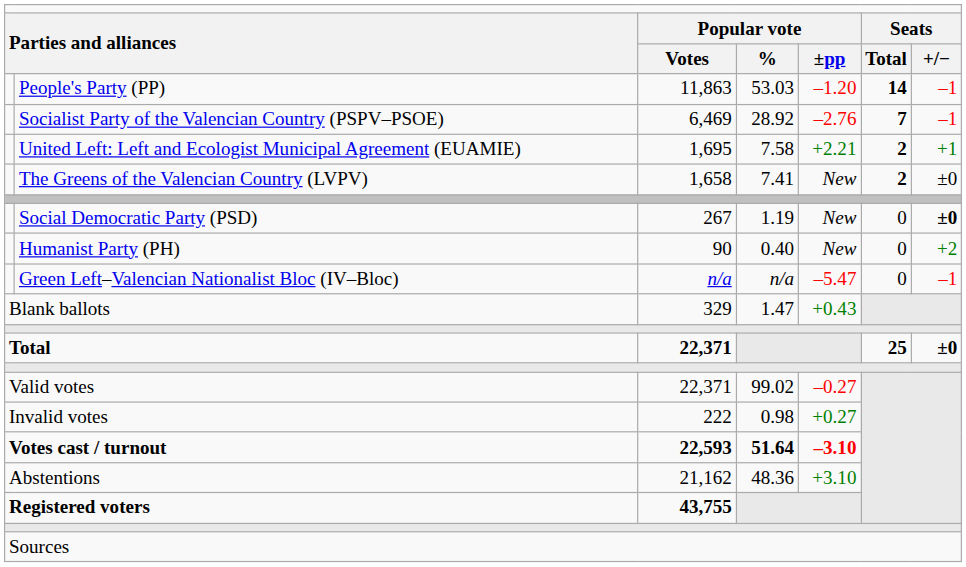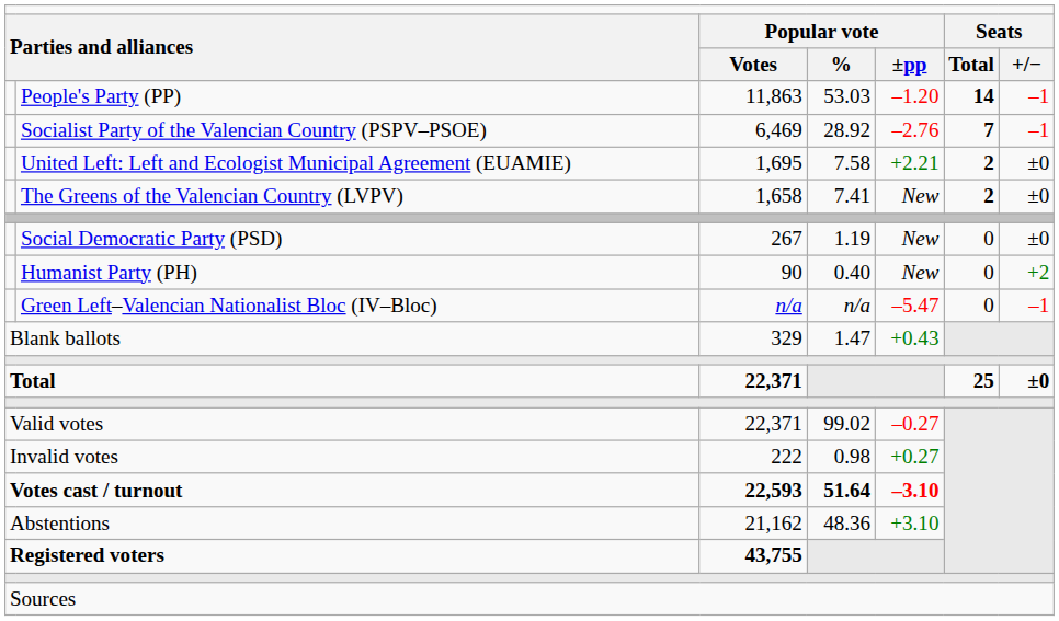 <table class="wikitable" style="text-align:right;">
 <tr>
 <td colspan="7"></td>
 </tr>
 <tr>
 <th style="text-align:left;" rowspan="2" colspan="2" width="525">Parties and alliances</th>
 <th colspan="3">Popular vote</th>
 <th colspan="2">Seats</th>
 </tr>
 <tr>
 <th width="75">Votes</th>
 <th width="45">%</th>
 <th width="45">±<a href='#'>pp</a></th>
 <th width="35">Total</th>
 <th width="35">+/−</th>
 </tr>
 <tr>
 <td width="1" style="color:inherit;background:"></td>
 <td align="left"><a href='#'>People's Party</a> (PP)</td>
 <td>11,863</td>
 <td>53.03</td>
 <td style="color:red;">–1.20</td>
 <td><strong>14</strong></td>
 <td style="color:red;">–1</td>
 </tr>
 <tr>
 <td style="color:inherit;background:"></td>
 <td align="left"><a href='#'>Socialist Party of the Valencian Country</a> (PSPV–PSOE)</td>
 <td>6,469</td>
 <td>28.92</td>
 <td style="color:red;">–2.76</td>
 <td><strong>7</strong></td>
 <td style="color:red;">–1</td>
 </tr>
 <tr>
 <td style="color:inherit;background:"></td>
 <td align="left"><a href='#'>United Left: Left and Ecologist Municipal Agreement</a> (EUAMIE)</td>
 <td>1,695</td>
 <td>7.58</td>
 <td style="color:green;">+2.21</td>
 <td><strong>2</strong></td>
-<td style="color:green;">+1</td>
+<td>±0</td>
 </tr>
 <tr>
 <td style="color:inherit;background:"></td>
 <td align="left"><a href='#'>The Greens of the Valencian Country</a> (LVPV)</td>
 <td>1,658</td>
 <td>7.41</td>
 <td><em>New</em></td>
 <td><strong>2</strong></td>
 <td>±0</td>
 </tr>
 <tr>
 <td colspan="7" bgcolor="#C0C0C0"></td>
 </tr>
 <tr>
 <td style="color:inherit;background:"></td>
 <td align="left"><a href='#'>Social Democratic Party</a> (PSD)</td>
 <td>267</td>
 <td>1.19</td>
 <td><em>New</em></td>
 <td>0</td>
-<td><strong>±0</strong></td>
+<td>±0</td>
 </tr>
 <tr>
 <td style="color:inherit;background:"></td>
 <td align="left"><a href='#'>Humanist Party</a> (PH)</td>
 <td>90</td>
 <td>0.40</td>
 <td><em>New</em></td>
 <td>0</td>
 <td style="color:green;">+2</td>
 </tr>
 <tr>
 <td style="color:inherit;background:"></td>
 <td align="left"><a href='#'>Green Left</a>–<a href='#'>Valencian Nationalist Bloc</a> (IV–Bloc)</td>
 <td><em><a href='#'>n/a</a></em></td>
 <td><em>n/a</em></td>
 <td style="color:red;">–5.47</td>
 <td>0</td>
 <td style="color:red;">–1</td>
 </tr>
 <tr>
 <td align="left" colspan="2">Blank ballots</td>
 <td>329</td>
 <td>1.47</td>
 <td style="color:green;">+0.43</td>
 <td bgcolor="#E9E9E9" colspan="2"></td>
 </tr>
 <tr>
 <td colspan="7" bgcolor="#E9E9E9"></td>
 </tr>
 <tr style="font-weight:bold;">
 <td align="left" colspan="2">Total</td>
 <td>22,371</td>
 <td bgcolor="#E9E9E9" colspan="2"></td>
 <td>25</td>
 <td>±0</td>
 </tr>
 <tr>
 <td colspan="7" bgcolor="#E9E9E9"></td>
 </tr>
 <tr>
 <td align="left" colspan="2">Valid votes</td>
 <td>22,371</td>
 <td>99.02</td>
 <td style="color:red;">–0.27</td>
 <td bgcolor="#E9E9E9" colspan="2" rowspan="5"></td>
 </tr>
 <tr>
 <td align="left" colspan="2">Invalid votes</td>
 <td>222</td>
 <td>0.98</td>
 <td style="color:green;">+0.27</td>
 </tr>
 <tr style="font-weight:bold;">
 <td align="left" colspan="2">Votes cast / turnout</td>
 <td>22,593</td>
 <td>51.64</td>
 <td style="color:red;">–3.10</td>
 </tr>
 <tr>
 <td align="left" colspan="2">Abstentions</td>
 <td>21,162</td>
 <td>48.36</td>
 <td style="color:green;">+3.10</td>
 </tr>
 <tr style="font-weight:bold;">
 <td align="left" colspan="2">Registered voters</td>
 <td>43,755</td>
 <td bgcolor="#E9E9E9" colspan="2"></td>
 </tr>
 <tr>
 <td colspan="7" bgcolor="#E9E9E9"></td>
 </tr>
 <tr>
 <td align="left" colspan="7">Sources</td>
 </tr>
 </table>
